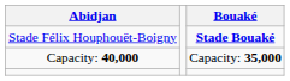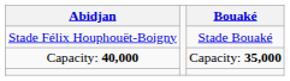 <table class="wikitable" style="text-align:center">
 <tr>
 <th><a href='#'>Abidjan</a></th>
 <td rowspan="4"></td>
 <th><a href='#'>Bouaké</a></th>
 </tr>
 <tr>
 <td><a href='#'>Stade Félix Houphouët-Boigny</a></td>
-<td><strong><a href='#'>Stade Bouaké</a></strong></td>
+<td><a href='#'>Stade Bouaké</a></td>
 </tr>
 <tr>
 <td>Capacity: <strong>40,000</strong></td>
 <td>Capacity: <strong>35,000</strong></td>
 </tr>
 <tr>
 <td></td>
 <td></td>
 </tr>
 </table>
